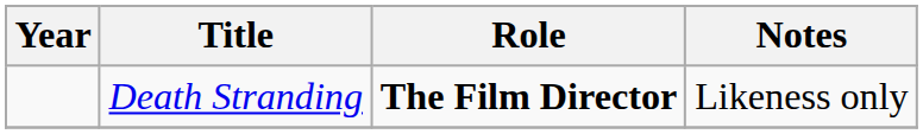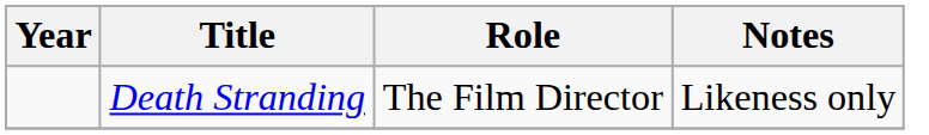 <table class="wikitable">
 <tr>
 <th>Year</th>
 <th>Title</th>
 <th>Role</th>
 <th>Notes</th>
 </tr>
 <tr>
 <td></td>
 <td><em><a href='#'>Death Stranding</a></em></td>
-<td><strong>The Film Director</strong></td>
+<td>The Film Director</td>
 <td>Likeness only</td>
 </tr>
 <tr>
 </tr>
 </table>
